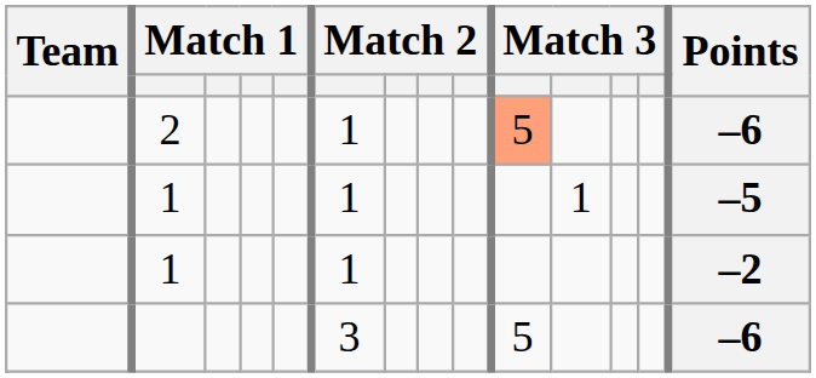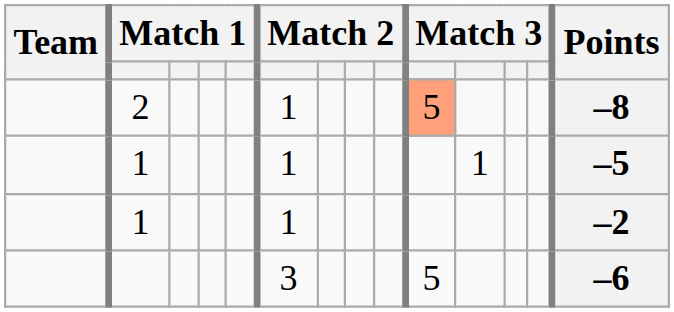 <table class="wikitable sortable" style="text-align:center;">
 <tr>
 <th rowspan=2>Team</th>
 <th colspan=4 style="border-left:3px solid gray">Match 1</th>
 <th colspan=4 style="border-left:3px solid gray">Match 2</th>
 <th colspan=4 style="border-left:3px solid gray">Match 3</th>
 <th rowspan=2 style="border-left:3px solid gray">Points</th>
 </tr>
 <tr>
 <th style="border-left:3px solid gray"></th>
 <th></th>
 <th></th>
 <th></th>
 <th style="border-left:3px solid gray"></th>
 <th></th>
 <th></th>
 <th></th>
 <th style="border-left:3px solid gray"></th>
 <th></th>
 <th></th>
 <th></th>
 </tr>
 <tr>
 <td align=left></td>
 <td style="border-left:3px solid gray">2</td>
 <td></td>
 <td></td>
 <td></td>
 <td style="border-left:3px solid gray">1</td>
 <td></td>
 <td></td>
 <td></td>
 <td style="background: lightsalmon; border-left:3px solid gray">5</td>
 <td></td>
 <td></td>
 <td></td>
-<th style="border-left:3px solid gray">–6</th>
+<th style="border-left:3px solid gray">–8</th>
 </tr>
 <tr>
 <td align=left></td>
 <td style="border-left:3px solid gray">1</td>
 <td></td>
 <td></td>
 <td></td>
 <td style="border-left:3px solid gray">1</td>
 <td></td>
 <td></td>
 <td></td>
 <td style="border-left:3px solid gray"></td>
 <td>1</td>
 <td></td>
 <td></td>
 <th style="border-left:3px solid gray">–5</th>
 </tr>
 <tr>
 <td align=left></td>
 <td style="border-left:3px solid gray">1</td>
 <td></td>
 <td></td>
 <td></td>
 <td style="border-left:3px solid gray">1</td>
 <td></td>
 <td></td>
 <td></td>
 <td style="border-left:3px solid gray"></td>
 <td></td>
 <td></td>
 <td></td>
 <th style="border-left:3px solid gray">–2</th>
 </tr>
 <tr>
 <td align=left></td>
 <td style="border-left:3px solid gray"></td>
 <td></td>
 <td></td>
 <td></td>
 <td style="border-left:3px solid gray">3</td>
 <td></td>
 <td></td>
 <td></td>
 <td style="border-left:3px solid gray">5</td>
 <td></td>
 <td></td>
 <td></td>
 <th style="border-left:3px solid gray">–6</th>
 </tr>
 </table>
